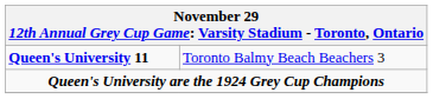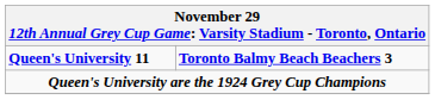 <table class="wikitable">
 <tr>
 <th bgcolor="#DDDDDD" colspan=4>November 29<br><a href='#'><em>12th Annual Grey Cup Game</em></a>: <a href='#'>Varsity Stadium</a> - <a href='#'>Toronto</a>, <a href='#'>Ontario</a></th>
 </tr>
 <tr>
 <td><strong><a href='#'>Queen's University</a> 11</strong></td>
-<td><a href='#'>Toronto Balmy Beach Beachers</a> 3</td>
+<td><strong><a href='#'>Toronto Balmy Beach Beachers</a> 3</strong></td>
 </tr>
 <tr>
 <td align="center" colspan=4><strong><em>Queen's University are the 1924 Grey Cup Champions</em></strong></td>
 </tr>
 <tr>
 </tr>
 </table>
